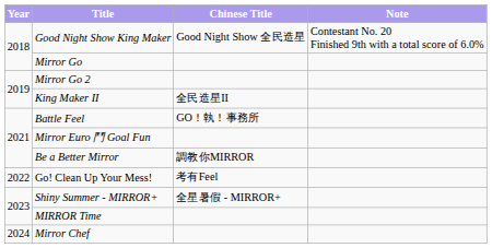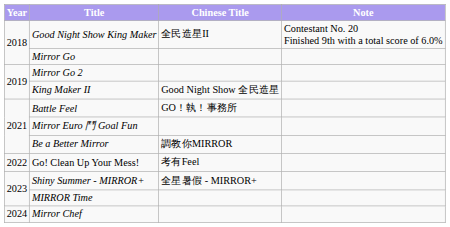 <table class="wikitable">
 <tr>
 <th style="background: #aa9aee; color: white;">Year</th>
 <th style="background: #aa9aee; color: white;">Title</th>
 <th style="background: #aa9aee; color: white;">Chinese Title</th>
 <th style="background: #aa9aee; color: white;">Note</th>
 </tr>
 <tr>
 <td rowspan="2">2018</td>
 <td><em>Good Night Show King Maker</em></td>
-<td>Good Night Show 全民造星</td>
+<td>全民造星II</td>
 <td>Contestant No. 20<br>Finished 9th with a total score of 6.0%</td>
 </tr>
 <tr>
 <td><em>Mirror Go</em></td>
 <td></td>
 <td></td>
 </tr>
 <tr>
 <td rowspan="2">2019</td>
 <td><em>Mirror Go 2</em></td>
 <td></td>
 <td></td>
 </tr>
 <tr>
 <td><em>King Maker II</em></td>
-<td>全民造星II</td>
+<td>Good Night Show 全民造星</td>
 <td></td>
 </tr>
 <tr>
 <td rowspan="3">2021</td>
 <td><em>Battle Feel</em></td>
 <td>GO！執！事務所</td>
 <td></td>
 </tr>
 <tr>
 <td><em>Mirror Euro 鬥 Goal Fun</em></td>
 <td></td>
 <td></td>
 </tr>
 <tr>
 <td><em>Be a Better Mirror</em></td>
 <td>調教你MIRROR</td>
 <td></td>
 </tr>
 <tr>
 <td>2022</td>
 <td>Go! Clean Up Your Mess!</td>
 <td>考有Feel</td>
 <td></td>
 </tr>
 <tr>
 <td rowspan="2">2023</td>
 <td><em>Shiny Summer - MIRROR+</em></td>
 <td>全星暑假 - MIRROR+</td>
 <td></td>
 </tr>
 <tr>
 <td><em>MIRROR Time</em></td>
 <td></td>
 <td></td>
 </tr>
 <tr>
 <td>2024</td>
 <td><em>Mirror Chef</em></td>
 <td></td>
 <td></td>
 </tr>
 </table>
